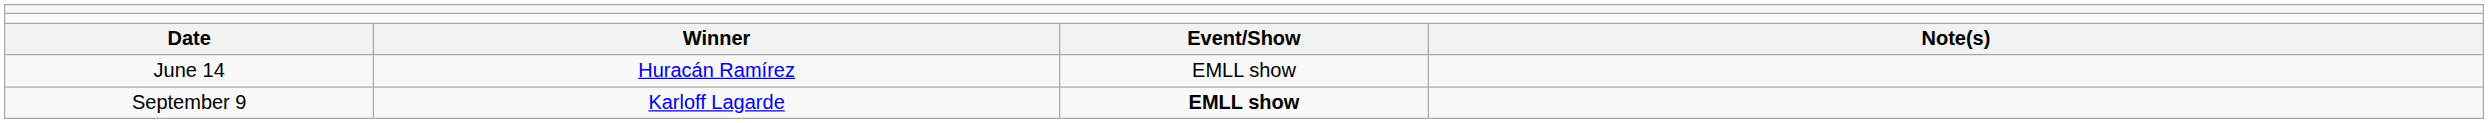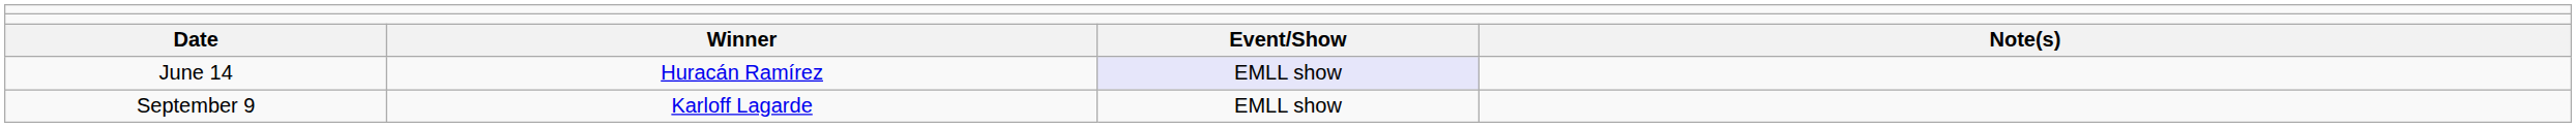 <table class="wikitable" style="text-align:center; width:100%;">
 <tr>
 <td colspan=5></td>
 </tr>
 <tr>
 <td colspan=5><strong></strong></td>
 </tr>
 <tr>
 <th width=14%>Date</th>
 <th width=26%>Winner</th>
 <th width=14%>Event/Show</th>
 <th width=40%>Note(s)</th>
 </tr>
 <tr>
 <td>June 14</td>
 <td><a href='#'>Huracán Ramírez</a></td>
-<td>EMLL show</td>
+<td style="background: lavender;">EMLL show</td>
 <td align=left></td>
 </tr>
 <tr>
 <td>September 9</td>
 <td><a href='#'>Karloff Lagarde</a></td>
-<td><strong>EMLL show</strong></td>
+<td>EMLL show</td>
 <td align=left></td>
 </tr>
 </table>
